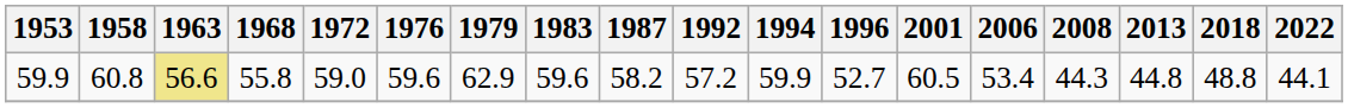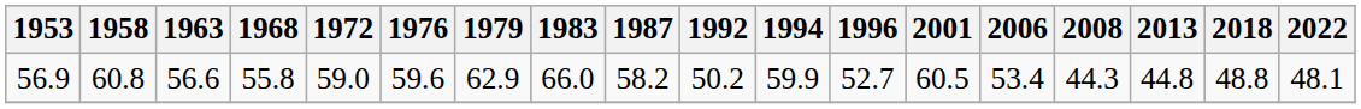 <table class="wikitable" style="text-align:center">
 <tr>
 <th>1953</th>
 <th>1958</th>
 <th>1963</th>
 <th>1968</th>
 <th>1972</th>
 <th>1976</th>
 <th>1979</th>
 <th>1983</th>
 <th>1987</th>
 <th>1992</th>
 <th>1994</th>
 <th>1996</th>
 <th>2001</th>
 <th>2006</th>
 <th>2008</th>
 <th>2013</th>
 <th>2018</th>
 <th>2022</th>
 </tr>
 <tr>
-<td>59.9</td>
+<td>56.9</td>
 <td>60.8</td>
-<td style="background: khaki;">56.6</td>
+<td>56.6</td>
 <td>55.8</td>
 <td>59.0</td>
 <td>59.6</td>
 <td>62.9</td>
-<td>59.6</td>
+<td>66.0</td>
 <td>58.2</td>
-<td>57.2</td>
+<td>50.2</td>
 <td>59.9</td>
 <td>52.7</td>
 <td>60.5</td>
 <td>53.4</td>
 <td>44.3</td>
 <td>44.8</td>
 <td>48.8</td>
-<td>44.1</td>
+<td>48.1</td>
 </tr>
 <tr>
 </tr>
 </table>
